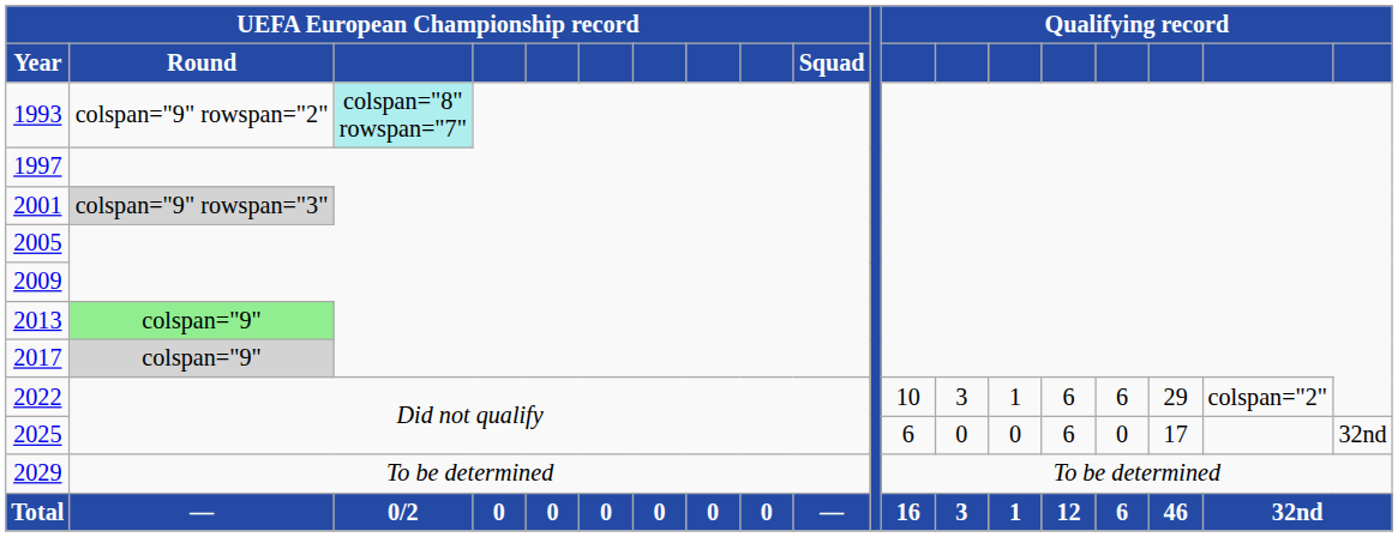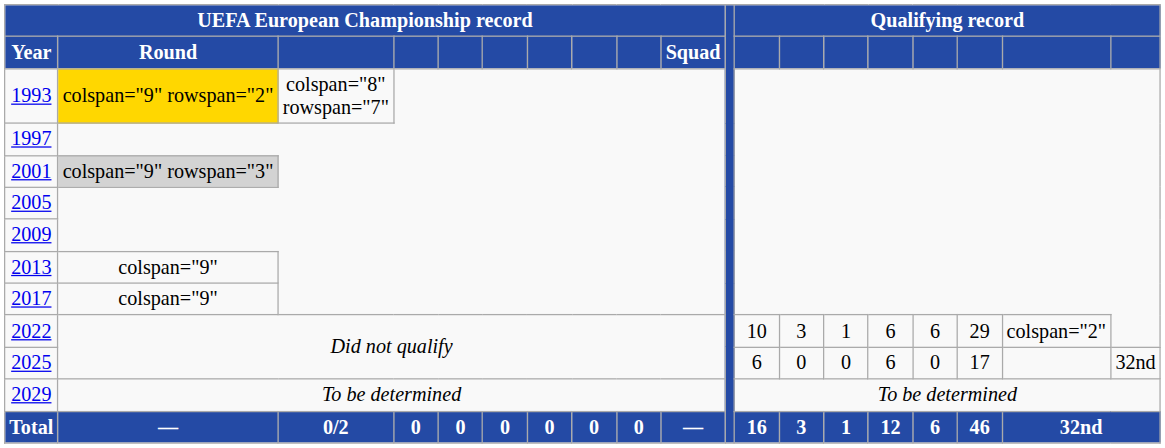 <table class="wikitable" style="text-align: center;">
 <tr>
 <th colspan="10" style="background:#244AA5; color:white; ">UEFA European Championship record</th>
 <th rowspan="100" style="background:#244AA5"></th>
 <th colspan="8" style="background:#244AA5; color:white; ">Qualifying record</th>
 </tr>
 <tr>
 <th style="background:#244AA5; color:white; ">Year</th>
 <th style="background:#244AA5; color:white; ">Round</th>
 <th width="28" style="background:#244AA5; color:white; "></th>
 <th width="28" style="background:#244AA5; color:white; "></th>
 <th width="28" style="background:#244AA5; color:white; "></th>
 <th width="28" style="background:#244AA5; color:white; "></th>
 <th width="28" style="background:#244AA5; color:white; "></th>
 <th width="28" style="background:#244AA5; color:white; "></th>
 <th width="28" style="background:#244AA5; color:white; "></th>
 <th style="background:#244AA5; color:white; ">Squad<br></th>
 <th width="28" style="background:#244AA5; color:white; "></th>
 <th width="28" style="background:#244AA5; color:white; "></th>
 <th width="28" style="background:#244AA5; color:white; "></th>
 <th width="28" style="background:#244AA5; color:white; "></th>
 <th width="28" style="background:#244AA5; color:white; "></th>
 <th width="28" style="background:#244AA5; color:white; "></th>
 <th width="28" style="background:#244AA5; color:white; "></th>
 <th width="28" style="background:#244AA5; color:white; "></th>
 </tr>
 <tr>
 <td> <a href='#'>1993</a></td>
-<td>colspan="9" rowspan="2" </td>
-<td style="background: paleturquoise;">colspan="8" rowspan="7" </td>
+<td style="background: gold;">colspan="9" rowspan="2" </td>
+<td>colspan="8" rowspan="7" </td>
 </tr>
 <tr>
 <td> <a href='#'>1997</a></td>
 </tr>
 <tr>
 <td> <a href='#'>2001</a></td>
 <td style="background: lightgrey;">colspan="9" rowspan="3" </td>
 </tr>
 <tr>
 <td> <a href='#'>2005</a></td>
 </tr>
 <tr>
 <td> <a href='#'>2009</a></td>
 </tr>
 <tr>
 <td> <a href='#'>2013</a></td>
-<td style="background: lightgreen;">colspan="9" </td>
+<td>colspan="9" </td>
 </tr>
 <tr>
 <td> <a href='#'>2017</a></td>
-<td style="background: lightgrey;">colspan="9" </td>
+<td>colspan="9" </td>
 </tr>
 <tr>
 <td> <a href='#'>2022</a></td>
 <td colspan=9 rowspan=2><em>Did not qualify</em></td>
 <td>10</td>
 <td>3</td>
 <td>1</td>
 <td>6</td>
 <td>6</td>
 <td>29</td>
 <td>colspan="2" </td>
 </tr>
 <tr>
 <td> <a href='#'>2025</a></td>
 <td>6</td>
 <td>0</td>
 <td>0</td>
 <td>6</td>
 <td>0</td>
 <td>17</td>
 <td></td>
 <td>32nd</td>
 </tr>
 <tr>
 <td><a href='#'>2029</a></td>
 <td colspan=9><em>To be determined</em></td>
 <td colspan=8><em>To be determined</em></td>
 </tr>
 <tr>
 <th style="background:#244AA5; color:white; ">Total</th>
 <th style="background:#244AA5; color:white; ">—</th>
 <th style="background:#244AA5; color:white; ">0/2</th>
 <th style="background:#244AA5; color:white; ">0</th>
 <th style="background:#244AA5; color:white; ">0</th>
 <th style="background:#244AA5; color:white; ">0</th>
 <th style="background:#244AA5; color:white; ">0</th>
 <th style="background:#244AA5; color:white; ">0</th>
 <th style="background:#244AA5; color:white; ">0</th>
 <th style="background:#244AA5; color:white; ">—<br></th>
 <th style="background:#244AA5; color:white; ">16</th>
 <th style="background:#244AA5; color:white; ">3</th>
 <th style="background:#244AA5; color:white; ">1</th>
 <th style="background:#244AA5; color:white; ">12</th>
 <th style="background:#244AA5; color:white; ">6</th>
 <th style="background:#244AA5; color:white; ">46</th>
 <th colspan=2 style="background:#244AA5; color:white; ">32nd</th>
 </tr>
 </table>
